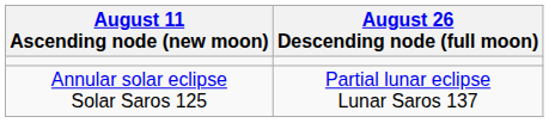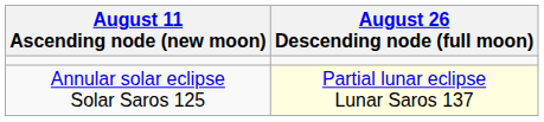 <table class="wikitable">
 <tr>
 <th><a href='#'>August 11</a><br>Ascending node (new moon)<br></th>
 <th><a href='#'>August 26</a><br>Descending node (full moon)</th>
 </tr>
 <tr>
 <td></td>
 <td></td>
 </tr>
 <tr align=center>
 <td><a href='#'>Annular solar eclipse</a><br>Solar Saros 125</td>
-<td><a href='#'>Partial lunar eclipse</a><br>Lunar Saros 137</td>
+<td style="background: lightyellow;"><a href='#'>Partial lunar eclipse</a><br>Lunar Saros 137</td>
 </tr>
 </table>
